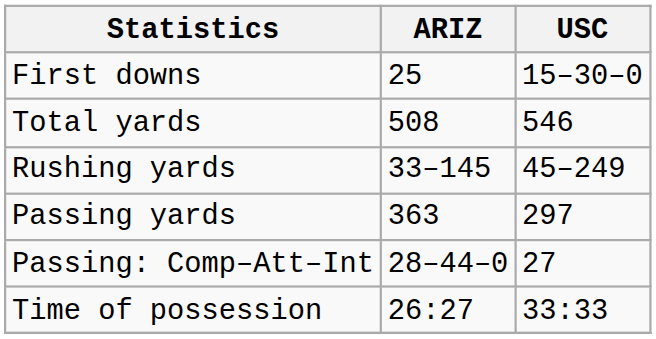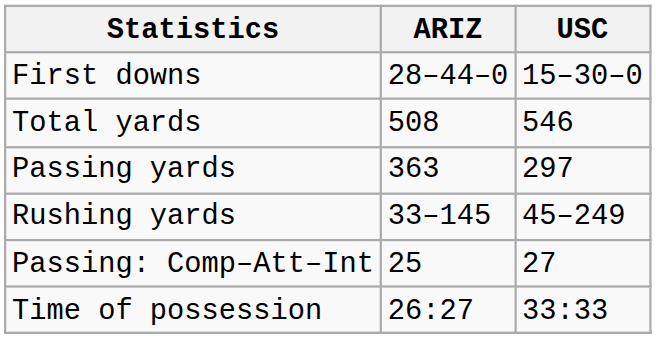 <table class="wikitable" style="float: left;">
 <tr>
 <th>Statistics</th>
 <th>ARIZ</th>
 <th>USC</th>
 </tr>
 <tr>
 <td>First downs</td>
-<td>25</td>
+<td>28–44–0</td>
 <td>15–30–0</td>
 </tr>
 <tr>
 <td>Total yards</td>
 <td>508</td>
 <td>546</td>
 </tr>
 <tr>
+<td>Passing yards</td>
+<td>363</td>
+<td>297</td>
+</tr>
+<tr>
 <td>Rushing yards</td>
 <td>33–145</td>
 <td>45–249</td>
 </tr>
 <tr>
-<td>Passing yards</td>
-<td>363</td>
-<td>297</td>
-</tr>
-<tr>
 <td>Passing: Comp–Att–Int</td>
-<td>28–44–0</td>
+<td>25</td>
 <td>27</td>
 </tr>
 <tr>
 <td>Time of possession</td>
 <td>26:27</td>
 <td>33:33</td>
 </tr>
 <tr>
 </tr>
 </table>
